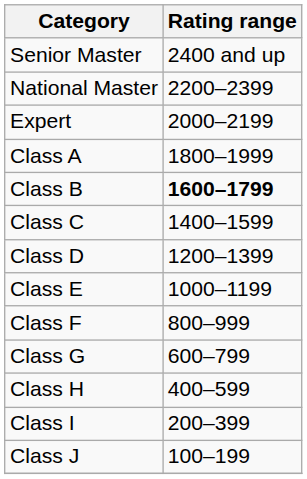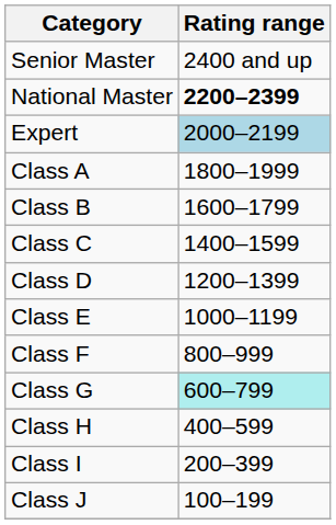 <table class="wikitable" align = "right">
 <tr>
 <th>Category</th>
 <th>Rating range</th>
 </tr>
 <tr>
 <td>Senior Master</td>
 <td>2400 and up</td>
 </tr>
 <tr>
 <td>National Master</td>
-<td>2200–2399</td>
+<td><strong>2200–2399</strong></td>
 </tr>
 <tr>
 <td>Expert</td>
-<td>2000–2199</td>
+<td style="background: lightblue;">2000–2199</td>
 </tr>
 <tr>
 <td>Class A</td>
 <td>1800–1999</td>
 </tr>
 <tr>
 <td>Class B</td>
-<td><strong>1600–1799</strong></td>
+<td>1600–1799</td>
 </tr>
 <tr>
 <td>Class C</td>
 <td>1400–1599</td>
 </tr>
 <tr>
 <td>Class D</td>
 <td>1200–1399</td>
 </tr>
 <tr>
 <td>Class E</td>
 <td>1000–1199</td>
 </tr>
 <tr>
 <td>Class F</td>
 <td>800–999</td>
 </tr>
 <tr>
 <td>Class G</td>
-<td>600–799</td>
+<td style="background: paleturquoise;">600–799</td>
 </tr>
 <tr>
 <td>Class H</td>
 <td>400–599</td>
 </tr>
 <tr>
 <td>Class I</td>
 <td>200–399</td>
 </tr>
 <tr>
 <td>Class J</td>
 <td>100–199</td>
 </tr>
 <tr>
 </tr>
 </table>
